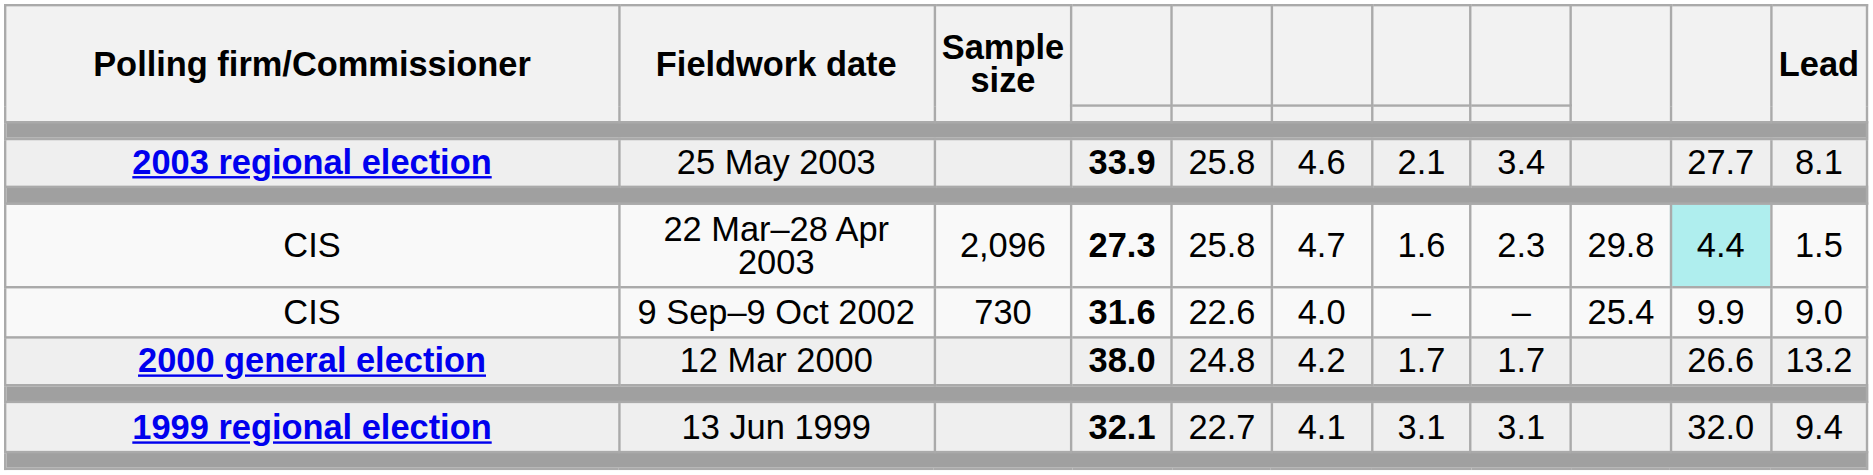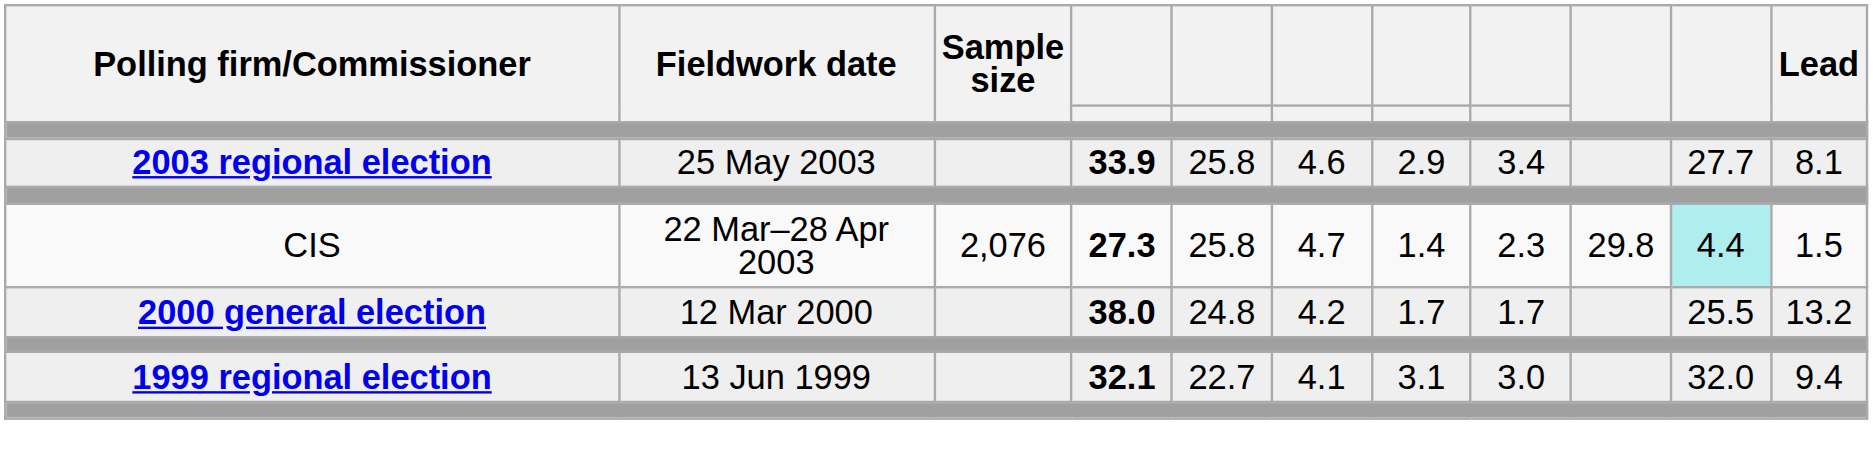 <table class="wikitable collapsible collapsed" style="text-align:center; font-size:90%; line-height:14px;">
 <tr style="height:42px;">
 <th style="width:250px;" rowspan="2">Polling firm/Commissioner</th>
 <th style="width:125px;" rowspan="2">Fieldwork date</th>
 <th style="width:50px;" rowspan="2">Sample size</th>
 <th style="width:35px;"></th>
 <th style="width:35px;"></th>
 <th style="width:35px;"></th>
 <th style="width:35px;"></th>
 <th style="width:35px;"></th>
 <th style="width:35px;" rowspan="2"></th>
 <th style="width:35px;" rowspan="2"></th>
 <th style="width:30px;" rowspan="2">Lead</th>
 </tr>
 <tr>
 <th style="color:inherit;background:"></th>
 <th style="color:inherit;background:"></th>
 <th style="color:inherit;background:"></th>
 <th style="color:inherit;background:"></th>
 <th style="color:inherit;background:"></th>
 </tr>
 <tr>
 <td colspan="11" style="background:#A0A0A0"></td>
 </tr>
 <tr style="background:#EFEFEF;">
 <td><strong><a href='#'>2003 regional election</a></strong></td>
 <td>25 May 2003</td>
 <td></td>
 <td><strong>33.9</strong></td>
 <td>25.8</td>
 <td>4.6</td>
-<td>2.1</td>
+<td>2.9</td>
 <td>3.4</td>
 <td></td>
 <td>27.7</td>
 <td style="background:">8.1</td>
 </tr>
 <tr>
 <td colspan="11" style="background:#A0A0A0"></td>
 </tr>
 <tr>
 <td>CIS</td>
 <td>22 Mar–28 Apr 2003</td>
-<td>2,096</td>
+<td>2,076</td>
 <td><strong>27.3</strong></td>
 <td>25.8</td>
 <td>4.7</td>
-<td>1.6</td>
+<td>1.4</td>
 <td>2.3</td>
 <td>29.8</td>
 <td style="background: paleturquoise;">4.4</td>
 <td style="background:">1.5</td>
-</tr>
-<tr>
-<td>CIS</td>
-<td>9 Sep–9 Oct 2002</td>
-<td>730</td>
-<td><strong>31.6</strong></td>
-<td>22.6</td>
-<td>4.0</td>
-<td>–</td>
-<td>–</td>
-<td>25.4</td>
-<td>9.9</td>
-<td style="background:">9.0</td>
 </tr>
 <tr style="background:#EFEFEF;">
 <td><strong><a href='#'>2000 general election</a></strong></td>
 <td>12 Mar 2000</td>
 <td></td>
 <td><strong>38.0</strong></td>
 <td>24.8</td>
 <td>4.2</td>
 <td>1.7</td>
 <td>1.7</td>
 <td></td>
-<td>26.6</td>
+<td>25.5</td>
 <td style="background:">13.2</td>
 </tr>
 <tr>
 <td colspan="11" style="background:#A0A0A0"></td>
 </tr>
 <tr style="background:#EFEFEF;">
 <td><strong><a href='#'>1999 regional election</a></strong></td>
 <td>13 Jun 1999</td>
 <td></td>
 <td><strong>32.1</strong></td>
 <td>22.7</td>
 <td>4.1</td>
 <td>3.1</td>
-<td>3.1</td>
+<td>3.0</td>
 <td></td>
 <td>32.0</td>
 <td style="background:">9.4</td>
 </tr>
 <tr>
 <td colspan="11" style="background:#A0A0A0"></td>
 </tr>
 </table>
